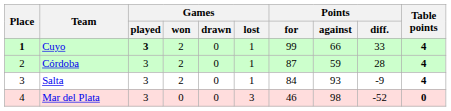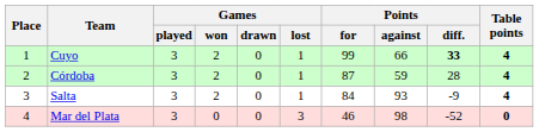 <table class="wikitable">
 <tr>
 <th rowspan=2 width="8%">Place</th>
 <th rowspan=2 width="20%">Team</th>
 <th colspan=4 width="32%">Games</th>
 <th colspan=3 width="30%">Points</th>
 <th rowspan=2 width="10%">Table<br>points</th>
 </tr>
 <tr>
 <th width="8%">played</th>
 <th width="8%">won</th>
 <th width="8%">drawn</th>
 <th width="8%">lost</th>
 <th width="10%">for</th>
 <th width="10%">against</th>
 <th width="10%">diff.</th>
 </tr>
 <tr align=center style="background: #ccffcc;">
-<td><strong>1</strong></td>
+<td>1</td>
 <td align=left><a href='#'>Cuyo</a></td>
-<td><strong>3</strong></td>
+<td>3</td>
 <td>2</td>
 <td>0</td>
 <td>1</td>
 <td>99</td>
 <td>66</td>
-<td>33</td>
+<td><strong>33</strong></td>
 <td><strong>4</strong></td>
 </tr>
 <tr align=center style="background: #ccffcc;">
 <td>2</td>
 <td align=left><a href='#'>Córdoba</a></td>
 <td>3</td>
 <td>2</td>
 <td>0</td>
 <td>1</td>
 <td>87</td>
 <td>59</td>
 <td>28</td>
 <td><strong>4</strong></td>
 </tr>
 <tr align=center style="background: #ffffff;">
 <td>3</td>
 <td align=left><a href='#'>Salta</a></td>
 <td>3</td>
 <td>2</td>
 <td>0</td>
 <td>1</td>
 <td>84</td>
 <td>93</td>
 <td>-9</td>
 <td><strong>4</strong></td>
 </tr>
 <tr align=center style="background: #ffdddd;">
 <td>4</td>
 <td align=left><a href='#'>Mar del Plata</a></td>
 <td>3</td>
 <td>0</td>
 <td>0</td>
 <td>3</td>
 <td>46</td>
 <td>98</td>
 <td>-52</td>
 <td><strong>0</strong></td>
 </tr>
 </table>
